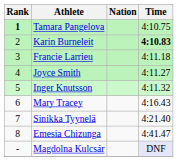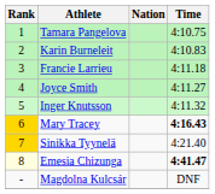 <table class="wikitable sortable" style="text-align:center">
 <tr>
 <th>Rank</th>
 <th>Athlete</th>
 <th>Nation</th>
 <th>Time</th>
 </tr>
 <tr bgcolor=bbf3bb>
-<td><strong>1</strong></td>
+<td>1</td>
 <td align=left><a href='#'>Tamara Pangelova</a></td>
 <td align=left></td>
 <td>4:10.75</td>
 </tr>
 <tr bgcolor=bbf3bb>
 <td>2</td>
 <td align=left><a href='#'>Karin Burneleit</a></td>
 <td align=left></td>
-<td><strong>4:10.83</strong></td>
+<td>4:10.83</td>
 </tr>
 <tr bgcolor=bbf3bb>
 <td>3</td>
 <td align=left><a href='#'>Francie Larrieu</a></td>
 <td align=left></td>
 <td>4:11.18</td>
 </tr>
 <tr bgcolor=bbf3bb>
 <td>4</td>
 <td align=left><a href='#'>Joyce Smith</a></td>
 <td align=left></td>
 <td>4:11.27</td>
 </tr>
 <tr bgcolor=ccf9cc>
 <td>5</td>
 <td align=left><a href='#'>Inger Knutsson</a></td>
 <td align=left></td>
 <td>4:11.32</td>
 </tr>
 <tr>
-<td>6</td>
+<td style="background: gold;">6</td>
 <td align=left><a href='#'>Mary Tracey</a></td>
 <td align=left></td>
-<td>4:16.43</td>
+<td><strong>4:16.43</strong></td>
 </tr>
 <tr>
-<td>7</td>
+<td style="background: gold;">7</td>
 <td align=left><a href='#'>Sinikka Tyynelä</a></td>
 <td align=left></td>
 <td>4:21.40</td>
 </tr>
 <tr>
-<td>8</td>
+<td style="background: lightyellow;">8</td>
 <td align=left><a href='#'>Emesia Chizunga</a></td>
 <td align=left></td>
-<td>4:41.47</td>
+<td><strong>4:41.47</strong></td>
 </tr>
 <tr>
 <td>-</td>
 <td align=left><a href='#'>Magdolna Kulcsár</a></td>
 <td align=left></td>
-<td style="background: lavender;">DNF</td>
+<td>DNF</td>
 </tr>
 <tr>
 </tr>
 </table>
